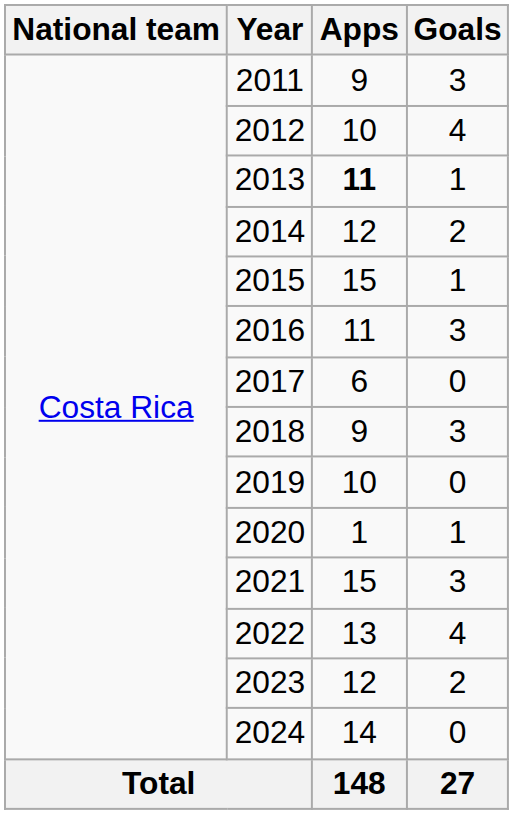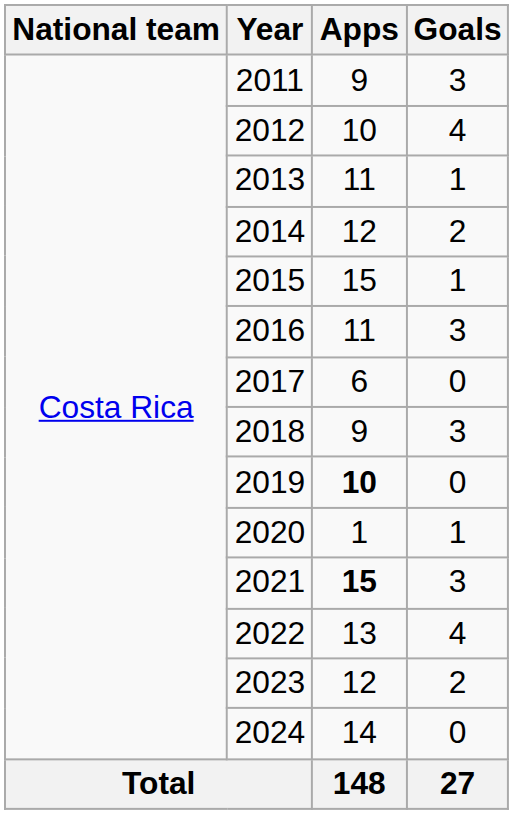 <table class="wikitable" style="text-align:center">
 <tr>
 <th>National team</th>
 <th>Year</th>
 <th>Apps</th>
 <th>Goals</th>
 </tr>
 <tr>
 <td rowspan="14"><a href='#'>Costa Rica</a></td>
 <td>2011</td>
 <td>9</td>
 <td>3</td>
 </tr>
 <tr>
 <td>2012</td>
 <td>10</td>
 <td>4</td>
 </tr>
 <tr>
 <td>2013</td>
-<td><strong>11</strong></td>
+<td>11</td>
 <td>1</td>
 </tr>
 <tr>
 <td>2014</td>
 <td>12</td>
 <td>2</td>
 </tr>
 <tr>
 <td>2015</td>
 <td>15</td>
 <td>1</td>
 </tr>
 <tr>
 <td>2016</td>
 <td>11</td>
 <td>3</td>
 </tr>
 <tr>
 <td>2017</td>
 <td>6</td>
 <td>0</td>
 </tr>
 <tr>
 <td>2018</td>
 <td>9</td>
 <td>3</td>
 </tr>
 <tr>
 <td>2019</td>
-<td>10</td>
+<td><strong>10</strong></td>
 <td>0</td>
 </tr>
 <tr>
 <td>2020</td>
 <td>1</td>
 <td>1</td>
 </tr>
 <tr>
 <td>2021</td>
-<td>15</td>
+<td><strong>15</strong></td>
 <td>3</td>
 </tr>
 <tr>
 <td>2022</td>
 <td>13</td>
 <td>4</td>
 </tr>
 <tr>
 <td>2023</td>
 <td>12</td>
 <td>2</td>
 </tr>
 <tr>
 <td>2024</td>
 <td>14</td>
 <td>0</td>
 </tr>
 <tr>
 <th colspan="2">Total</th>
 <th>148</th>
 <th>27</th>
 </tr>
 </table>
